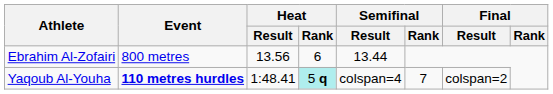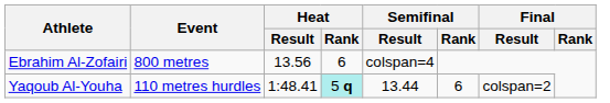 <table class="wikitable" style="font-size:90%">
 <tr>
 <th rowspan="2">Athlete</th>
 <th rowspan="2">Event</th>
 <th colspan="2">Heat</th>
 <th colspan="2">Semifinal</th>
 <th colspan="2">Final</th>
 </tr>
 <tr style="font-size:95%">
 <th>Result</th>
 <th>Rank</th>
 <th>Result</th>
 <th>Rank</th>
 <th>Result</th>
 <th>Rank</th>
 </tr>
 <tr align=center>
 <td align=left><a href='#'>Ebrahim Al-Zofairi</a></td>
 <td align=left><a href='#'>800 metres</a></td>
 <td>13.56</td>
 <td>6</td>
-<td>13.44 </td>
+<td>colspan=4 </td>
 </tr>
 <tr align=center>
 <td align=left><a href='#'>Yaqoub Al-Youha</a></td>
-<td align=left><strong><a href='#'>110 metres hurdles</a></strong></td>
+<td align=left><a href='#'>110 metres hurdles</a></td>
 <td>1:48.41</td>
 <td style="background: paleturquoise;">5 <strong>q</strong></td>
-<td>colspan=4 </td>
-<td>7</td>
+<td>13.44 </td>
+<td>6</td>
 <td>colspan=2 </td>
 </tr>
 </table>
